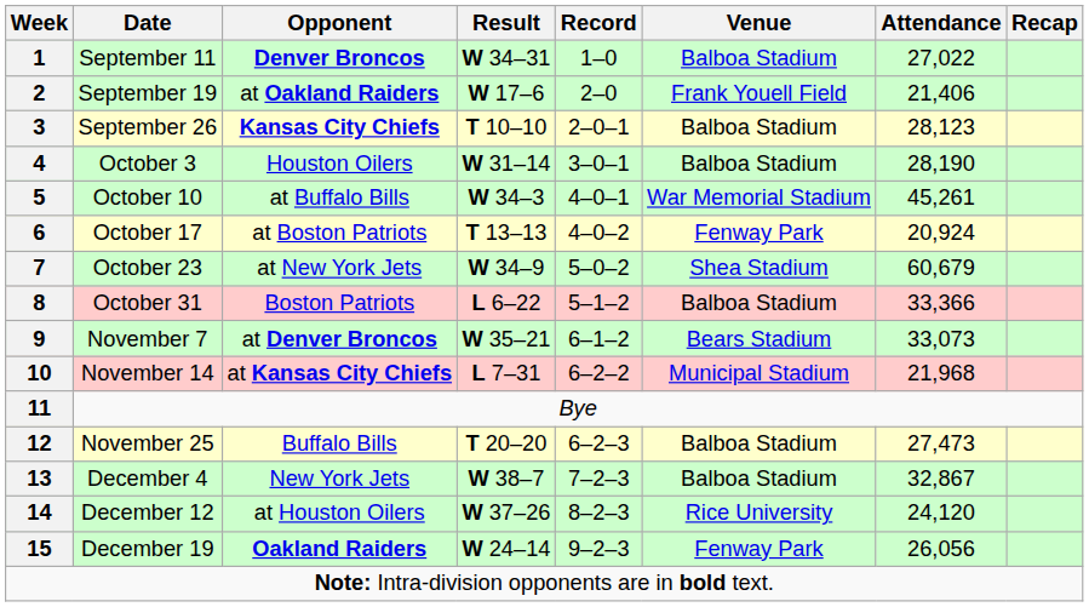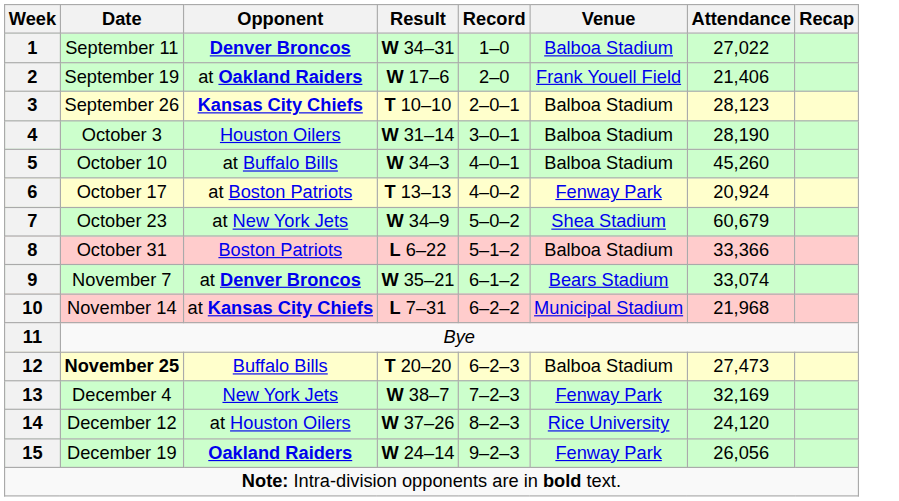 <table class="wikitable" style="text-align:center">
 <tr>
 <th>Week</th>
 <th>Date</th>
 <th>Opponent</th>
 <th>Result</th>
 <th>Record</th>
 <th>Venue</th>
 <th>Attendance</th>
 <th>Recap</th>
 </tr>
 <tr style="background:#cfc">
 <th>1</th>
 <td>September 11</td>
 <td><strong><a href='#'>Denver Broncos</a></strong></td>
 <td><strong>W</strong> 34–31</td>
 <td>1–0</td>
 <td><a href='#'>Balboa Stadium</a></td>
 <td>27,022</td>
 <td></td>
 </tr>
 <tr style="background:#cfc">
 <th>2</th>
 <td>September 19</td>
 <td>at <strong><a href='#'>Oakland Raiders</a></strong></td>
 <td><strong>W</strong> 17–6</td>
 <td>2–0</td>
 <td><a href='#'>Frank Youell Field</a></td>
 <td>21,406</td>
 <td></td>
 </tr>
 <tr style="background:#ffc">
 <th>3</th>
 <td>September 26</td>
 <td><strong><a href='#'>Kansas City Chiefs</a></strong></td>
 <td><strong>T</strong> 10–10</td>
 <td>2–0–1</td>
 <td>Balboa Stadium</td>
 <td>28,123</td>
 <td></td>
 </tr>
 <tr style="background:#cfc">
 <th>4</th>
 <td>October 3</td>
 <td><a href='#'>Houston Oilers</a></td>
 <td><strong>W</strong> 31–14</td>
 <td>3–0–1</td>
 <td>Balboa Stadium</td>
 <td>28,190</td>
 <td></td>
 </tr>
 <tr style="background:#cfc">
 <th>5</th>
 <td>October 10</td>
 <td>at <a href='#'>Buffalo Bills</a></td>
 <td><strong>W</strong> 34–3</td>
 <td>4–0–1</td>
-<td><a href='#'>War Memorial Stadium</a></td>
-<td>45,261</td>
+<td>Balboa Stadium</td>
+<td>45,260</td>
 <td></td>
 </tr>
 <tr style="background:#ffc">
 <th>6</th>
 <td>October 17</td>
 <td>at <a href='#'>Boston Patriots</a></td>
 <td><strong>T</strong> 13–13</td>
 <td>4–0–2</td>
 <td><a href='#'>Fenway Park</a></td>
 <td>20,924</td>
 <td></td>
 </tr>
 <tr style="background:#cfc">
 <th>7</th>
 <td>October 23</td>
 <td>at <a href='#'>New York Jets</a></td>
 <td><strong>W</strong> 34–9</td>
 <td>5–0–2</td>
 <td><a href='#'>Shea Stadium</a></td>
 <td>60,679</td>
 <td></td>
 </tr>
 <tr style="background:#fcc">
 <th>8</th>
 <td>October 31</td>
 <td><a href='#'>Boston Patriots</a></td>
 <td><strong>L</strong> 6–22</td>
 <td>5–1–2</td>
 <td>Balboa Stadium</td>
 <td>33,366</td>
 <td></td>
 </tr>
 <tr style="background:#cfc">
 <th>9</th>
 <td>November 7</td>
 <td>at <strong><a href='#'>Denver Broncos</a></strong></td>
 <td><strong>W</strong> 35–21</td>
 <td>6–1–2</td>
 <td><a href='#'>Bears Stadium</a></td>
-<td>33,073</td>
+<td>33,074</td>
 <td></td>
 </tr>
 <tr style="background:#fcc">
 <th>10</th>
 <td>November 14</td>
 <td>at <strong><a href='#'>Kansas City Chiefs</a></strong></td>
 <td><strong>L</strong> 7–31</td>
 <td>6–2–2</td>
 <td><a href='#'>Municipal Stadium</a></td>
 <td>21,968</td>
 <td></td>
 </tr>
 <tr>
 <th>11</th>
 <td colspan="7" align="center"><em>Bye</em></td>
 </tr>
 <tr style="background:#ffc">
 <th>12</th>
-<td>November 25</td>
+<td><strong>November 25</strong></td>
 <td><a href='#'>Buffalo Bills</a></td>
 <td><strong>T</strong> 20–20</td>
 <td>6–2–3</td>
 <td>Balboa Stadium</td>
 <td>27,473</td>
 <td></td>
 </tr>
 <tr style="background:#cfc">
 <th>13</th>
 <td>December 4</td>
 <td><a href='#'>New York Jets</a></td>
 <td><strong>W</strong> 38–7</td>
 <td>7–2–3</td>
-<td>Balboa Stadium</td>
-<td>32,867</td>
+<td><a href='#'>Fenway Park</a></td>
+<td>32,169</td>
 <td></td>
 </tr>
 <tr style="background:#cfc">
 <th>14</th>
 <td>December 12</td>
 <td>at <a href='#'>Houston Oilers</a></td>
 <td><strong>W</strong> 37–26</td>
 <td>8–2–3</td>
 <td><a href='#'>Rice University</a></td>
 <td>24,120</td>
 <td></td>
 </tr>
 <tr style="background:#cfc">
 <th>15</th>
 <td>December 19</td>
 <td><strong><a href='#'>Oakland Raiders</a></strong></td>
 <td><strong>W</strong> 24–14</td>
 <td>9–2–3</td>
 <td><a href='#'>Fenway Park</a></td>
 <td>26,056</td>
 <td></td>
 </tr>
 <tr>
 <td colspan="8"><strong>Note:</strong> Intra-division opponents are in <strong>bold</strong> text.</td>
 </tr>
 </table>
